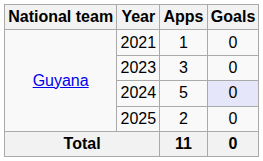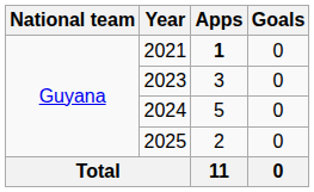 <table class=wikitable style="text-align: center;">
 <tr>
 <th>National team</th>
 <th>Year</th>
 <th>Apps</th>
 <th>Goals</th>
 </tr>
 <tr>
 <td rowspan="5"><a href='#'>Guyana</a></td>
 </tr>
 <tr>
 <td>2021</td>
-<td>1</td>
+<td><strong>1</strong></td>
 <td>0</td>
 </tr>
 <tr>
 <td>2023</td>
 <td>3</td>
 <td>0</td>
 </tr>
 <tr>
 <td>2024</td>
 <td>5</td>
-<td style="background: lavender;">0</td>
+<td>0</td>
 </tr>
 <tr>
 <td>2025</td>
 <td>2</td>
 <td>0</td>
 </tr>
 <tr>
 <th colspan=2>Total</th>
 <th>11</th>
 <th>0</th>
 </tr>
 </table>
